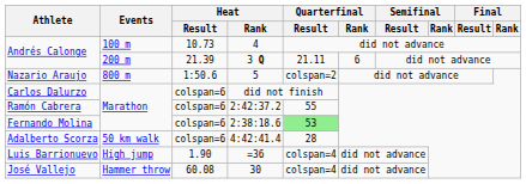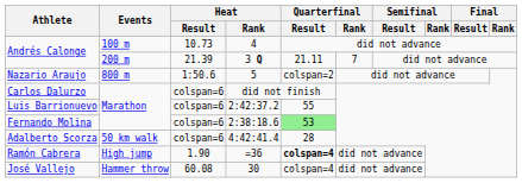 <table class=wikitable style="font-size:90%">
 <tr>
 <th rowspan="2">Athlete</th>
 <th rowspan="2">Events</th>
 <th colspan="2">Heat</th>
 <th colspan="2">Quarterfinal</th>
 <th colspan="2">Semifinal</th>
 <th colspan="2">Final</th>
 </tr>
 <tr>
 <th>Result</th>
 <th>Rank</th>
 <th>Result</th>
 <th>Rank</th>
 <th>Result</th>
 <th>Rank</th>
 <th>Result</th>
 <th>Rank</th>
 </tr>
 <tr align=center>
 <td align=left rowspan=2><a href='#'>Andrés Calonge</a></td>
 <td align=left><a href='#'>100 m</a></td>
 <td>10.73</td>
 <td>4</td>
 <td align=center colspan=6>did not advance</td>
 </tr>
 <tr align=center>
 <td align=left><a href='#'>200 m</a></td>
 <td>21.39</td>
 <td>3 <strong>Q</strong></td>
 <td>21.11</td>
-<td>6</td>
+<td>7</td>
 <td align=center colspan=4>did not advance</td>
 </tr>
 <tr align=center>
 <td align=left><a href='#'>Nazario Araujo</a></td>
 <td align=left><a href='#'>800 m</a></td>
 <td>1:50.6</td>
 <td>5</td>
 <td>colspan=2 </td>
 <td colspan=4>did not advance</td>
 </tr>
 <tr align=center>
 <td align=left><a href='#'>Carlos Dalurzo</a></td>
 <td align=left rowspan=3><a href='#'>Marathon</a></td>
 <td>colspan=6 </td>
 <td colspan=2>did not finish</td>
 </tr>
 <tr align=center>
-<td align=left><a href='#'>Ramón Cabrera</a></td>
+<td align=left><a href='#'>Luis Barrionuevo</a></td>
 <td>colspan=6 </td>
 <td>2:42:37.2</td>
 <td>55</td>
 </tr>
 <tr align=center>
 <td align=left><a href='#'>Fernando Molina</a></td>
 <td>colspan=6 </td>
 <td>2:38:18.6</td>
 <td style="background: lightgreen;">53</td>
 </tr>
 <tr align=center>
 <td align=left><a href='#'>Adalberto Scorza</a></td>
 <td align=left><a href='#'>50 km walk</a></td>
 <td>colspan=6 </td>
 <td>4:42:41.4</td>
 <td>28</td>
 </tr>
 <tr align=center>
-<td align=left><a href='#'>Luis Barrionuevo</a></td>
+<td align=left><a href='#'>Ramón Cabrera</a></td>
 <td align=left><a href='#'>High jump</a></td>
 <td>1.90</td>
 <td>=36</td>
-<td>colspan=4 </td>
+<td><strong>colspan=4 </strong></td>
 <td colspan=2>did not advance</td>
 </tr>
 <tr align=center>
 <td align=left><a href='#'>José Vallejo</a></td>
 <td align=left><a href='#'>Hammer throw</a></td>
 <td>60.08</td>
 <td>30</td>
 <td>colspan=4 </td>
 <td colspan=2>did not advance</td>
 </tr>
 </table>
